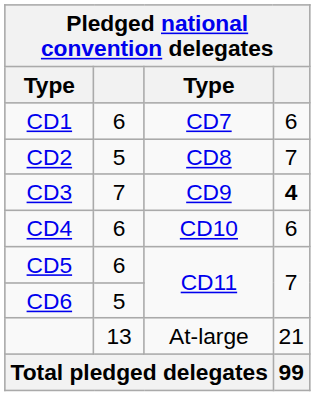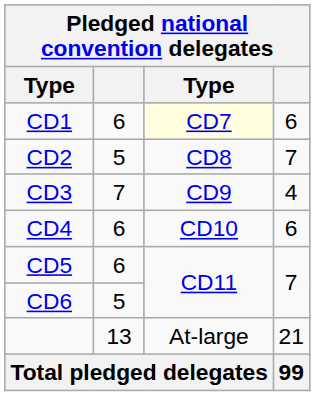 <table class="wikitable sortable" style="font-size:90%;text-align:center;float:right;padding:5px;">
 <tr>
 <th colspan="4">Pledged <a href='#'>national<br>convention</a> delegates</th>
 </tr>
 <tr>
 <th>Type</th>
 <th></th>
 <th>Type</th>
 <th></th>
 </tr>
 <tr>
 <td><a href='#'>CD1</a></td>
 <td>6</td>
-<td><a href='#'>CD7</a></td>
+<td style="background: lightyellow;"><a href='#'>CD7</a></td>
 <td>6</td>
 </tr>
 <tr>
 <td><a href='#'>CD2</a></td>
 <td>5</td>
 <td><a href='#'>CD8</a></td>
 <td>7</td>
 </tr>
 <tr>
 <td><a href='#'>CD3</a></td>
 <td>7</td>
 <td><a href='#'>CD9</a></td>
-<td><strong>4</strong></td>
+<td>4</td>
 </tr>
 <tr>
 <td><a href='#'>CD4</a></td>
 <td>6</td>
 <td><a href='#'>CD10</a></td>
 <td>6</td>
 </tr>
 <tr>
 <td><a href='#'>CD5</a></td>
 <td>6</td>
 <td rowspan="2"><a href='#'>CD11</a></td>
 <td rowspan="2">7</td>
 </tr>
 <tr>
 <td><a href='#'>CD6</a></td>
 <td>5</td>
 </tr>
 <tr>
 <td></td>
 <td>13</td>
 <td>At-large</td>
 <td>21</td>
 </tr>
 <tr>
 <th colspan=3>Total pledged delegates</th>
 <th>99</th>
 </tr>
 </table>
